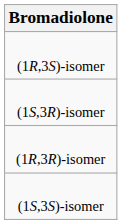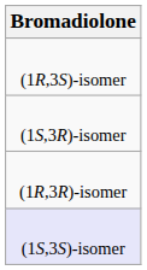 <table class="wikitable float-left" style="text-align:center">
 <tr class="hintergrundfarbe6">
 <th>Bromadiolone</th>
 </tr>
 <tr>
 <td><br> <small>(1<em>R</em>,3<em>S</em>)-isomer</small></td>
 </tr>
 <tr>
 <td><br> <small>(1<em>S</em>,3<em>R</em>)-isomer</small></td>
 </tr>
 <tr>
 <td><br> <small>(1<em>R</em>,3<em>R</em>)-isomer</small></td>
 </tr>
 <tr>
-<td><br> <small>(1<em>S</em>,3<em>S</em>)-isomer</small></td>
+<td style="background: lavender;"><br> <small>(1<em>S</em>,3<em>S</em>)-isomer</small></td>
 </tr>
 </table>
